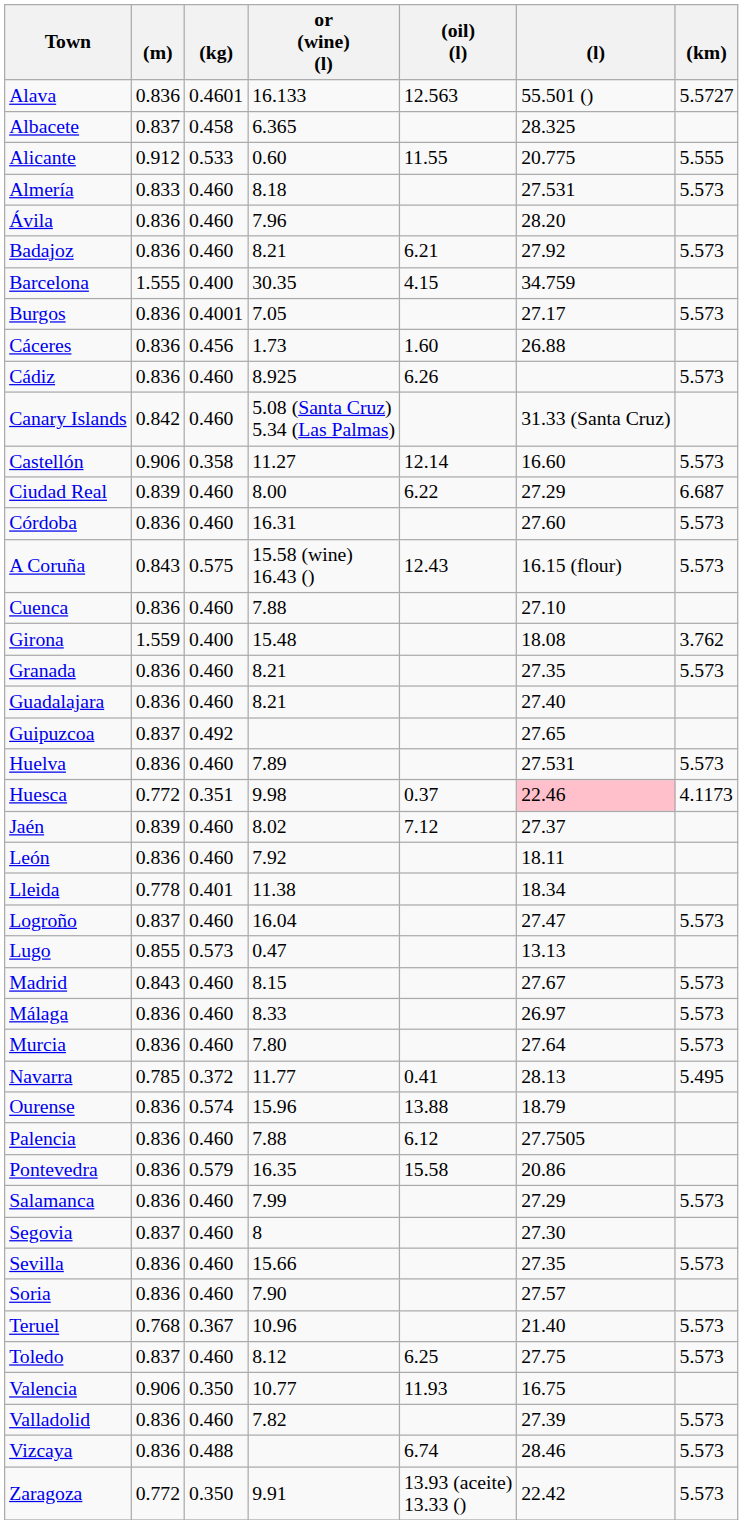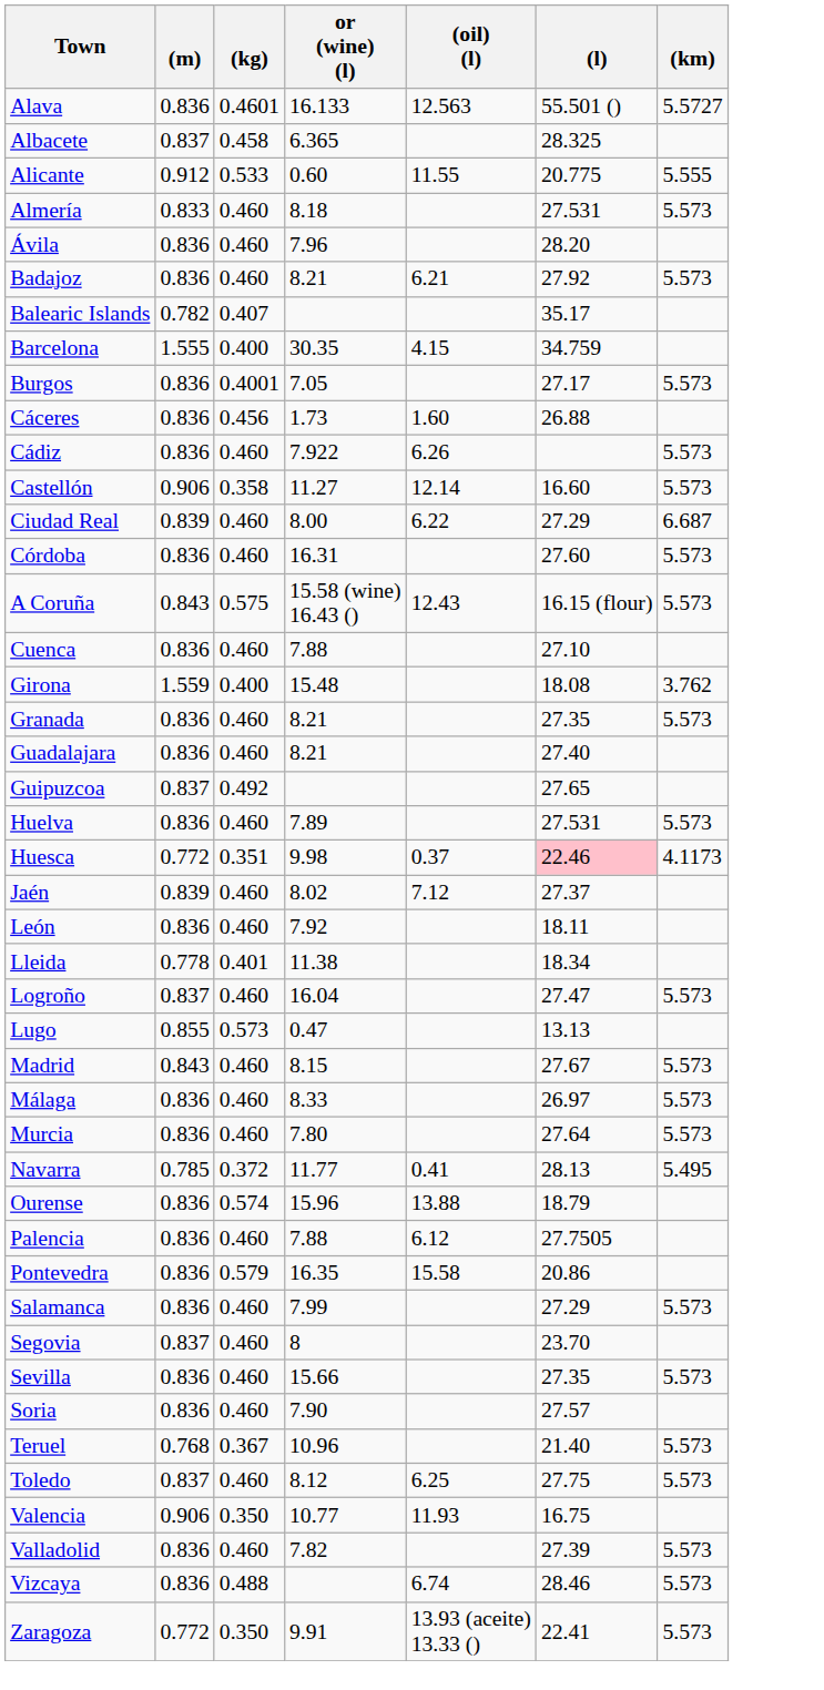 <table class="wikitable sortable">
 <tr class="hintergrundfarbe5">
 <th>Town</th>
 <th title="rod"><br>(m)</th>
 <th title="pound of 16 ounces"><br>(kg)</th>
 <th> or<br> (wine)<br>(l)</th>
 <th> (oil)<br>(l)</th>
 <th title="dry goods"><br>(l)</th>
 <th title="legua of "><br>(km)</th>
 </tr>
 <tr>
 <td><a href='#'>Alava</a></td>
 <td>0.836</td>
 <td>0.4601</td>
 <td>16.133</td>
 <td>12.563</td>
 <td>55.501 ()</td>
 <td>5.5727</td>
 </tr>
 <tr>
 <td><a href='#'>Albacete</a></td>
 <td>0.837</td>
 <td>0.458</td>
 <td>6.365</td>
 <td></td>
 <td>28.325</td>
 <td></td>
 </tr>
 <tr>
 <td><a href='#'>Alicante</a></td>
 <td>0.912</td>
 <td title="'libra gruesa' à 18 oz.">0.533</td>
 <td>0.60</td>
 <td>11.55</td>
 <td>20.775</td>
 <td>5.555</td>
 </tr>
 <tr>
 <td><a href='#'>Almería</a></td>
 <td>0.833</td>
 <td>0.460</td>
 <td title="media arroba">8.18</td>
 <td></td>
 <td>27.531</td>
 <td>5.573</td>
 </tr>
 <tr>
 <td><a href='#'>Ávila</a></td>
 <td>0.836</td>
 <td>0.460</td>
 <td title="media arroba">7.96</td>
 <td></td>
 <td>28.20</td>
 <td></td>
 </tr>
 <tr>
 <td><a href='#'>Badajoz</a></td>
 <td>0.836</td>
 <td>0.460</td>
 <td>8.21</td>
 <td>6.21</td>
 <td>27.92</td>
 <td>5.573</td>
 </tr>
 <tr>
+<td><a href='#'>Balearic Islands</a></td>
+<td>0.782</td>
+<td>0.407</td>
+<td></td>
+<td></td>
+<td>35.17</td>
+<td></td>
+</tr>
+<tr>
 <td><a href='#'>Barcelona</a></td>
 <td title="cana">1.555</td>
 <td>0.400</td>
 <td title=""barrilón"">30.35</td>
 <td title="cuartán">4.15</td>
 <td>34.759</td>
 <td></td>
 </tr>
 <tr>
 <td><a href='#'>Burgos</a></td>
 <td>0.836</td>
 <td>0.4001</td>
 <td>7.05</td>
 <td></td>
 <td>27.17</td>
 <td>5.573</td>
 </tr>
 <tr>
 <td><a href='#'>Cáceres</a></td>
 <td>0.836</td>
 <td>0.456</td>
 <td title="cuarto">1.73</td>
 <td title="cuarto">1.60</td>
 <td>26.88</td>
 <td></td>
 </tr>
 <tr>
 <td><a href='#'>Cádiz</a></td>
 <td>0.836</td>
 <td>0.460</td>
-<td>8.925</td>
+<td>7.922</td>
 <td>6.26</td>
 <td></td>
 <td>5.573</td>
-</tr>
-<tr>
-<td><a href='#'>Canary Islands</a></td>
-<td>0.842</td>
-<td>0.460</td>
-<td>5.08 (<a href='#'>Santa Cruz</a>)<br>5.34 (<a href='#'>Las Palmas</a>)</td>
-<td></td>
-<td>31.33 (Santa Cruz)</td>
-<td></td>
 </tr>
 <tr>
 <td><a href='#'>Castellón</a></td>
 <td>0.906</td>
 <td>0.358</td>
 <td>11.27</td>
 <td>12.14</td>
 <td>16.60</td>
 <td>5.573</td>
 </tr>
 <tr>
 <td><a href='#'>Ciudad Real</a></td>
 <td>0.839</td>
 <td>0.460</td>
 <td>8.00</td>
 <td>6.22</td>
 <td>27.29</td>
 <td>6.687</td>
 </tr>
 <tr>
 <td><a href='#'>Córdoba</a></td>
 <td>0.836</td>
 <td>0.460</td>
 <td>16.31</td>
 <td></td>
 <td>27.60</td>
 <td>5.573</td>
 </tr>
 <tr>
 <td><a href='#'>A Coruña</a></td>
 <td>0.843</td>
 <td>0.575</td>
 <td>15.58 (wine)<br>16.43 ()</td>
 <td>12.43</td>
 <td>16.15 (flour)</td>
 <td>5.573</td>
 </tr>
 <tr>
 <td><a href='#'>Cuenca</a></td>
 <td>0.836</td>
 <td>0.460</td>
 <td>7.88</td>
 <td></td>
 <td>27.10</td>
 <td></td>
 </tr>
 <tr>
 <td><a href='#'>Girona</a></td>
 <td title="cana">1.559</td>
 <td>0.400</td>
 <td title="mallal">15.48</td>
 <td></td>
 <td>18.08</td>
 <td>3.762</td>
 </tr>
 <tr>
 <td><a href='#'>Granada</a></td>
 <td>0.836</td>
 <td>0.460</td>
 <td>8.21</td>
 <td></td>
 <td>27.35</td>
 <td>5.573</td>
 </tr>
 <tr>
 <td><a href='#'>Guadalajara</a></td>
 <td>0.836</td>
 <td>0.460</td>
 <td>8.21</td>
 <td></td>
 <td>27.40</td>
 <td></td>
 </tr>
 <tr>
 <td><a href='#'>Guipuzcoa</a></td>
 <td>0.837</td>
 <td>0.492</td>
 <td></td>
 <td></td>
 <td>27.65</td>
 <td></td>
 </tr>
 <tr>
 <td><a href='#'>Huelva</a></td>
 <td>0.836</td>
 <td>0.460</td>
 <td>7.89</td>
 <td></td>
 <td>27.531</td>
 <td>5.573</td>
 </tr>
 <tr>
 <td><a href='#'>Huesca</a></td>
 <td>0.772</td>
 <td>0.351</td>
 <td>9.98</td>
 <td title="medida de libra">0.37</td>
 <td style="background: pink;">22.46</td>
 <td title="hora de camino">4.1173</td>
 </tr>
 <tr>
 <td><a href='#'>Jaén</a></td>
 <td>0.839</td>
 <td>0.460</td>
 <td title="medida arroba de vino">8.02</td>
 <td title="medida arroba de aceite">7.12</td>
 <td>27.37</td>
 <td></td>
 </tr>
 <tr>
 <td><a href='#'>León</a></td>
 <td>0.836</td>
 <td>0.460</td>
 <td>7.92</td>
 <td></td>
 <td>18.11</td>
 <td></td>
 </tr>
 <tr>
 <td><a href='#'>Lleida</a></td>
 <td>0.778</td>
 <td>0.401</td>
 <td>11.38</td>
 <td></td>
 <td>18.34</td>
 <td></td>
 </tr>
 <tr>
 <td><a href='#'>Logroño</a></td>
 <td>0.837</td>
 <td>0.460</td>
 <td>16.04</td>
 <td></td>
 <td>27.47</td>
 <td>5.573</td>
 </tr>
 <tr>
 <td><a href='#'>Lugo</a></td>
 <td>0.855</td>
 <td>0.573</td>
 <td title="cuartillo">0.47</td>
 <td></td>
 <td>13.13</td>
 <td></td>
 </tr>
 <tr>
 <td><a href='#'>Madrid</a></td>
 <td>0.843</td>
 <td>0.460</td>
 <td>8.15</td>
 <td></td>
 <td>27.67</td>
 <td>5.573</td>
 </tr>
 <tr>
 <td><a href='#'>Málaga</a></td>
 <td>0.836</td>
 <td>0.460</td>
 <td title="media arroba">8.33</td>
 <td></td>
 <td>26.97</td>
 <td>5.573</td>
 </tr>
 <tr>
 <td><a href='#'>Murcia</a></td>
 <td>0.836</td>
 <td>0.460</td>
 <td title="media arroba">7.80</td>
 <td></td>
 <td>27.64</td>
 <td>5.573</td>
 </tr>
 <tr>
 <td><a href='#'>Navarra</a></td>
 <td>0.785</td>
 <td>0.372</td>
 <td>11.77</td>
 <td title="libra para media aceite">0.41</td>
 <td>28.13</td>
 <td>5.495</td>
 </tr>
 <tr>
 <td><a href='#'>Ourense</a></td>
 <td>0.836</td>
 <td>0.574</td>
 <td>15.96</td>
 <td>13.88</td>
 <td>18.79</td>
 <td></td>
 </tr>
 <tr>
 <td><a href='#'>Palencia</a></td>
 <td>0.836</td>
 <td>0.460</td>
 <td>7.88</td>
 <td>6.12</td>
 <td>27.7505</td>
 <td></td>
 </tr>
 <tr>
 <td><a href='#'>Pontevedra</a></td>
 <td>0.836</td>
 <td>0.579</td>
 <td>16.35</td>
 <td>15.58</td>
 <td>20.86</td>
 <td></td>
 </tr>
 <tr>
 <td><a href='#'>Salamanca</a></td>
 <td>0.836</td>
 <td>0.460</td>
 <td title="medio">7.99</td>
 <td></td>
 <td>27.29</td>
 <td>5.573</td>
 </tr>
 <tr>
 <td><a href='#'>Segovia</a></td>
 <td>0.837</td>
 <td>0.460</td>
 <td>8</td>
 <td></td>
-<td>27.30</td>
+<td>23.70</td>
 <td></td>
 </tr>
 <tr>
 <td><a href='#'>Sevilla</a></td>
 <td>0.836</td>
 <td>0.460</td>
 <td>15.66</td>
 <td></td>
 <td>27.35</td>
 <td>5.573</td>
 </tr>
 <tr>
 <td><a href='#'>Soria</a></td>
 <td>0.836</td>
 <td>0.460</td>
 <td>7.90</td>
 <td></td>
 <td>27.57</td>
 <td></td>
 </tr>
 <tr>
 <td><a href='#'>Teruel</a></td>
 <td>0.768</td>
 <td>0.367</td>
 <td>10.96</td>
 <td></td>
 <td>21.40</td>
 <td>5.573</td>
 </tr>
 <tr>
 <td><a href='#'>Toledo</a></td>
 <td>0.837</td>
 <td>0.460</td>
 <td title="media cantara">8.12</td>
 <td title="media arroba">6.25</td>
 <td>27.75</td>
 <td>5.573</td>
 </tr>
 <tr>
 <td><a href='#'>Valencia</a></td>
 <td>0.906</td>
 <td>0.350</td>
 <td>10.77</td>
 <td>11.93</td>
 <td>16.75</td>
 <td></td>
 </tr>
 <tr>
 <td><a href='#'>Valladolid</a></td>
 <td>0.836</td>
 <td>0.460</td>
 <td>7.82</td>
 <td></td>
 <td>27.39</td>
 <td>5.573</td>
 </tr>
 <tr>
 <td><a href='#'>Vizcaya</a></td>
 <td>0.836</td>
 <td>0.488</td>
 <td></td>
 <td>6.74</td>
 <td>28.46</td>
 <td>5.573</td>
 </tr>
 <tr>
 <td><a href='#'>Zaragoza</a></td>
 <td>0.772</td>
 <td>0.350</td>
 <td>9.91</td>
 <td>13.93 (aceite)<br>13.33 ()</td>
-<td>22.42</td>
+<td>22.41</td>
 <td>5.573</td>
 </tr>
 </table>
